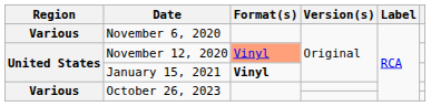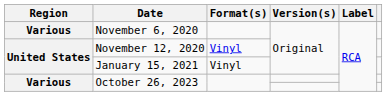 <table class="wikitable plainrowheaders">
 <tr>
 <th scope="col">Region</th>
 <th scope="col">Date</th>
 <th scope="col">Format(s)</th>
 <th scope="col">Version(s)</th>
 <th scope="col">Label</th>
 <th scope="col"></th>
 </tr>
 <tr>
 <th scope="row">Various</th>
 <td>November 6, 2020</td>
 <td></td>
 <td rowspan="3">Original</td>
 <td rowspan="5"><a href='#'>RCA</a></td>
 <td align="center"></td>
 </tr>
 <tr>
 <th rowspan="2" scope="row">United States</th>
 <td>November 12, 2020</td>
-<td style="background: lightsalmon;"><a href='#'>Vinyl</a> </td>
+<td><a href='#'>Vinyl</a> </td>
 <td align="center"></td>
 </tr>
 <tr>
 <td>January 15, 2021</td>
-<td><strong>Vinyl </strong></td>
+<td>Vinyl </td>
 <td align="center"></td>
 </tr>
 <tr>
 <th scope="row" rowspan="2">Various</th>
 <td rowspan="2">October 26, 2023</td>
 <td rowspan="2"></td>
 <td></td>
 <td align="center"></td>
 </tr>
 <tr>
 <td></td>
 <td align="center"></td>
 </tr>
 </table>
